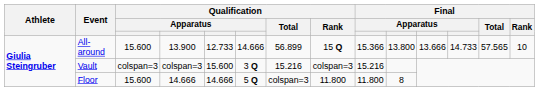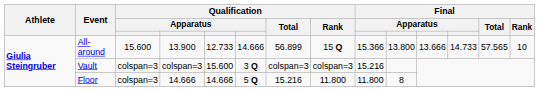 <table class="wikitable" style="font-size:90%">
 <tr>
 <th rowspan=3>Athlete</th>
 <th rowspan=3>Event</th>
 <th colspan=6>Qualification</th>
 <th colspan=6>Final</th>
 </tr>
 <tr style="font-size:95%">
 <th colspan=4>Apparatus</th>
 <th rowspan=2>Total</th>
 <th rowspan=2>Rank</th>
 <th colspan=4>Apparatus</th>
 <th rowspan=2>Total</th>
 <th rowspan=2>Rank</th>
 </tr>
 <tr style="font-size:95%">
 <th></th>
 <th></th>
 <th></th>
 <th></th>
 <th></th>
 <th></th>
 <th></th>
 <th></th>
 </tr>
 <tr align=center>
 <td align=left rowspan=3><strong><a href='#'>Giulia Steingruber</a></strong></td>
 <td align=left><a href='#'>All-around</a></td>
 <td>15.600</td>
 <td>13.900</td>
 <td>12.733</td>
 <td>14.666</td>
 <td>56.899</td>
 <td>15 <strong>Q</strong></td>
 <td>15.366</td>
 <td>13.800</td>
 <td>13.666</td>
 <td>14.733</td>
 <td>57.565</td>
 <td>10</td>
 </tr>
 <tr align=center>
 <td align=left><a href='#'>Vault</a></td>
 <td>colspan=3 </td>
 <td>colspan=3 </td>
 <td>15.600</td>
 <td>3 <strong>Q</strong></td>
-<td>15.216</td>
+<td>colspan=3 </td>
 <td>colspan=3 </td>
 <td>15.216</td>
 <td></td>
 </tr>
 <tr align=center>
 <td align=left><a href='#'>Floor</a></td>
-<td>15.600</td>
+<td>colspan=3 </td>
 <td>14.666</td>
 <td>14.666</td>
 <td>5 <strong>Q</strong></td>
-<td>colspan=3 </td>
+<td>15.216</td>
 <td>11.800</td>
 <td>11.800</td>
 <td>8</td>
 </tr>
 </table>
